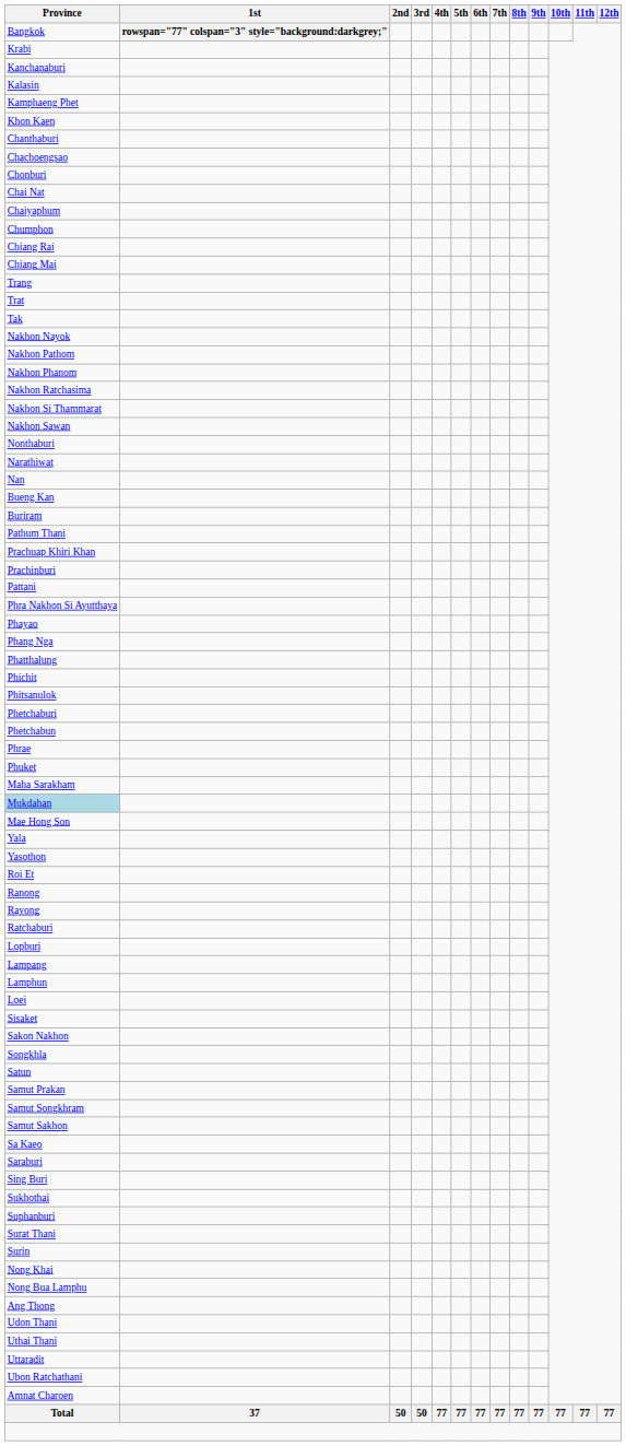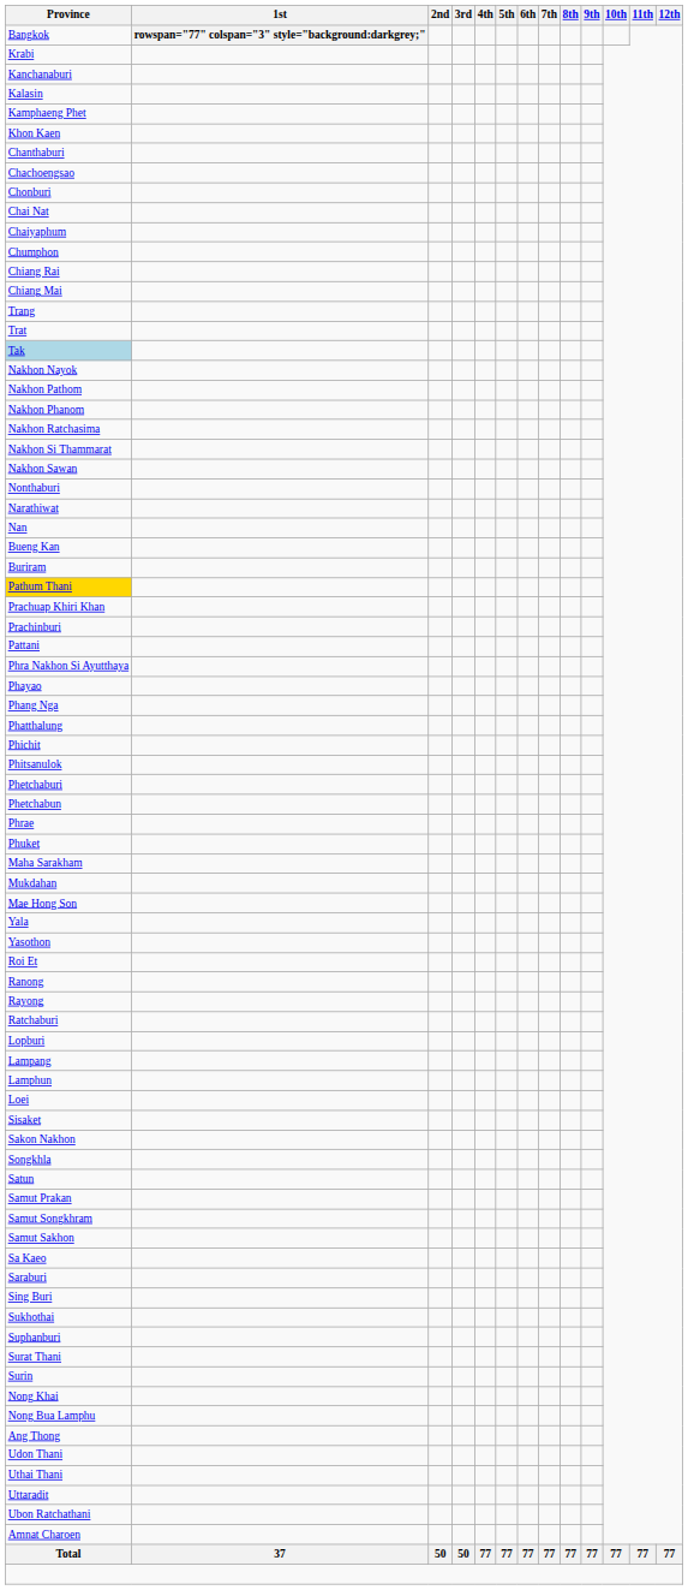 <table class="wikitable sortable" style="font-size: 75%;">
 <tr>
 <th>Province</th>
 <th>1st</th>
 <th>2nd</th>
 <th>3rd</th>
 <th>4th</th>
 <th>5th</th>
 <th>6th</th>
 <th>7th</th>
 <th><a href='#'>8th</a></th>
 <th><a href='#'>9th</a></th>
 <th><a href='#'>10th</a></th>
 <th><a href='#'>11th</a></th>
 <th><a href='#'>12th</a></th>
 </tr>
 <tr>
 <td><a href='#'>Bangkok</a></td>
 <th>rowspan="77" colspan="3" style="background:darkgrey;" </th>
 <td></td>
 <td></td>
 <td></td>
 <td></td>
 <td></td>
 <td></td>
 <td></td>
 <td></td>
 <td></td>
 </tr>
 <tr>
 <td><a href='#'>Krabi</a></td>
 <td></td>
 <td></td>
 <td></td>
 <td></td>
 <td></td>
 <td></td>
 <td></td>
 <td></td>
 <td></td>
 </tr>
 <tr>
 <td><a href='#'>Kanchanaburi</a></td>
 <td></td>
 <td></td>
 <td></td>
 <td></td>
 <td></td>
 <td></td>
 <td></td>
 <td></td>
 <td></td>
 </tr>
 <tr>
 <td><a href='#'>Kalasin</a></td>
 <td></td>
 <td></td>
 <td></td>
 <td></td>
 <td></td>
 <td></td>
 <td></td>
 <td></td>
 <td></td>
 </tr>
 <tr>
 <td><a href='#'>Kamphaeng Phet</a></td>
 <td></td>
 <td></td>
 <td></td>
 <td></td>
 <td></td>
 <td></td>
 <td></td>
 <td></td>
 <td></td>
 </tr>
 <tr>
 <td><a href='#'>Khon Kaen</a></td>
 <td></td>
 <td></td>
 <td></td>
 <td></td>
 <td></td>
 <td></td>
 <td></td>
 <td></td>
 <td></td>
 </tr>
 <tr>
 <td><a href='#'>Chanthaburi</a></td>
 <td></td>
 <td></td>
 <td></td>
 <td></td>
 <td></td>
 <td></td>
 <td></td>
 <td></td>
 <td></td>
 </tr>
 <tr>
 <td><a href='#'>Chachoengsao</a></td>
 <td></td>
 <td></td>
 <td></td>
 <td></td>
 <td></td>
 <td></td>
 <td></td>
 <td></td>
 <td></td>
 </tr>
 <tr>
 <td><a href='#'>Chonburi</a></td>
 <td></td>
 <td></td>
 <td></td>
 <td></td>
 <td></td>
 <td></td>
 <td></td>
 <td></td>
 <td></td>
 </tr>
 <tr>
 <td><a href='#'>Chai Nat</a></td>
 <td></td>
 <td></td>
 <td></td>
 <td></td>
 <td></td>
 <td></td>
 <td></td>
 <td></td>
 <td></td>
 </tr>
 <tr>
 <td><a href='#'>Chaiyaphum</a></td>
 <td></td>
 <td></td>
 <td></td>
 <td></td>
 <td></td>
 <td></td>
 <td></td>
 <td></td>
 <td></td>
 </tr>
 <tr>
 <td><a href='#'>Chumphon</a></td>
 <td></td>
 <td></td>
 <td></td>
 <td></td>
 <td></td>
 <td></td>
 <td></td>
 <td></td>
 <td></td>
 </tr>
 <tr>
 <td><a href='#'>Chiang Rai</a></td>
 <td></td>
 <td></td>
 <td></td>
 <td></td>
 <td></td>
 <td></td>
 <td></td>
 <td></td>
 <td></td>
 </tr>
 <tr>
 <td><a href='#'>Chiang Mai</a></td>
 <td></td>
 <td></td>
 <td></td>
 <td></td>
 <td></td>
 <td></td>
 <td></td>
 <td></td>
 <td></td>
 </tr>
 <tr>
 <td><a href='#'>Trang</a></td>
 <td></td>
 <td></td>
 <td></td>
 <td></td>
 <td></td>
 <td></td>
 <td></td>
 <td></td>
 <td></td>
 </tr>
 <tr>
 <td><a href='#'>Trat</a></td>
 <td></td>
 <td></td>
 <td></td>
 <td></td>
 <td></td>
 <td></td>
 <td></td>
 <td></td>
 <td></td>
 </tr>
 <tr>
-<td><a href='#'>Tak</a></td>
+<td style="background: lightblue;"><a href='#'>Tak</a></td>
 <td></td>
 <td></td>
 <td></td>
 <td></td>
 <td></td>
 <td></td>
 <td></td>
 <td></td>
 <td></td>
 </tr>
 <tr>
 <td><a href='#'>Nakhon Nayok</a></td>
 <td></td>
 <td></td>
 <td></td>
 <td></td>
 <td></td>
 <td></td>
 <td></td>
 <td></td>
 <td></td>
 </tr>
 <tr>
 <td><a href='#'>Nakhon Pathom</a></td>
 <td></td>
 <td></td>
 <td></td>
 <td></td>
 <td></td>
 <td></td>
 <td></td>
 <td></td>
 <td></td>
 </tr>
 <tr>
 <td><a href='#'>Nakhon Phanom</a></td>
 <td></td>
 <td></td>
 <td></td>
 <td></td>
 <td></td>
 <td></td>
 <td></td>
 <td></td>
 <td></td>
 </tr>
 <tr>
 <td><a href='#'>Nakhon Ratchasima</a></td>
 <td></td>
 <td></td>
 <td></td>
 <td></td>
 <td></td>
 <td></td>
 <td></td>
 <td></td>
 <td></td>
 </tr>
 <tr>
 <td><a href='#'>Nakhon Si Thammarat</a></td>
 <td></td>
 <td></td>
 <td></td>
 <td></td>
 <td></td>
 <td></td>
 <td></td>
 <td></td>
 <td></td>
 </tr>
 <tr>
 <td><a href='#'>Nakhon Sawan</a></td>
 <td></td>
 <td></td>
 <td></td>
 <td></td>
 <td></td>
 <td></td>
 <td></td>
 <td></td>
 <td></td>
 </tr>
 <tr>
 <td><a href='#'>Nonthaburi</a></td>
 <td></td>
 <td></td>
 <td></td>
 <td></td>
 <td></td>
 <td></td>
 <td></td>
 <td></td>
 <td></td>
 </tr>
 <tr>
 <td><a href='#'>Narathiwat</a></td>
 <td></td>
 <td></td>
 <td></td>
 <td></td>
 <td></td>
 <td></td>
 <td></td>
 <td></td>
 <td></td>
 </tr>
 <tr>
 <td><a href='#'>Nan</a></td>
 <td></td>
 <td></td>
 <td></td>
 <td></td>
 <td></td>
 <td></td>
 <td></td>
 <td></td>
 <td></td>
 </tr>
 <tr>
 <td><a href='#'>Bueng Kan</a></td>
 <td></td>
 <td></td>
 <td></td>
 <td></td>
 <td></td>
 <td></td>
 <td></td>
 <td></td>
 <td></td>
 </tr>
 <tr>
 <td><a href='#'>Buriram</a></td>
 <td></td>
 <td></td>
 <td></td>
 <td></td>
 <td></td>
 <td></td>
 <td></td>
 <td></td>
 <td></td>
 </tr>
 <tr>
-<td><a href='#'>Pathum Thani</a></td>
+<td style="background: gold;"><a href='#'>Pathum Thani</a></td>
 <td></td>
 <td></td>
 <td></td>
 <td></td>
 <td></td>
 <td></td>
 <td></td>
 <td></td>
 <td></td>
 </tr>
 <tr>
 <td><a href='#'>Prachuap Khiri Khan</a></td>
 <td></td>
 <td></td>
 <td></td>
 <td></td>
 <td></td>
 <td></td>
 <td></td>
 <td></td>
 <td></td>
 </tr>
 <tr>
 <td><a href='#'>Prachinburi</a></td>
 <td></td>
 <td></td>
 <td></td>
 <td></td>
 <td></td>
 <td></td>
 <td></td>
 <td></td>
 <td></td>
 </tr>
 <tr>
 <td><a href='#'>Pattani</a></td>
 <td></td>
 <td></td>
 <td></td>
 <td></td>
 <td></td>
 <td></td>
 <td></td>
 <td></td>
 <td></td>
 </tr>
 <tr>
 <td><a href='#'>Phra Nakhon Si Ayutthaya</a></td>
 <td></td>
 <td></td>
 <td></td>
 <td></td>
 <td></td>
 <td></td>
 <td></td>
 <td></td>
 <td></td>
 </tr>
 <tr>
 <td><a href='#'>Phayao</a></td>
 <td></td>
 <td></td>
 <td></td>
 <td></td>
 <td></td>
 <td></td>
 <td></td>
 <td></td>
 <td></td>
 </tr>
 <tr>
 <td><a href='#'>Phang Nga</a></td>
 <td></td>
 <td></td>
 <td></td>
 <td></td>
 <td></td>
 <td></td>
 <td></td>
 <td></td>
 <td></td>
 </tr>
 <tr>
 <td><a href='#'>Phatthalung</a></td>
 <td></td>
 <td></td>
 <td></td>
 <td></td>
 <td></td>
 <td></td>
 <td></td>
 <td></td>
 <td></td>
 </tr>
 <tr>
 <td><a href='#'>Phichit</a></td>
 <td></td>
 <td></td>
 <td></td>
 <td></td>
 <td></td>
 <td></td>
 <td></td>
 <td></td>
 <td></td>
 </tr>
 <tr>
 <td><a href='#'>Phitsanulok</a></td>
 <td></td>
 <td></td>
 <td></td>
 <td></td>
 <td></td>
 <td></td>
 <td></td>
 <td></td>
 <td></td>
 </tr>
 <tr>
 <td><a href='#'>Phetchaburi</a></td>
 <td></td>
 <td></td>
 <td></td>
 <td></td>
 <td></td>
 <td></td>
 <td></td>
 <td></td>
 <td></td>
 </tr>
 <tr>
 <td><a href='#'>Phetchabun</a></td>
 <td></td>
 <td></td>
 <td></td>
 <td></td>
 <td></td>
 <td></td>
 <td></td>
 <td></td>
 <td></td>
 </tr>
 <tr>
 <td><a href='#'>Phrae</a></td>
 <td></td>
 <td></td>
 <td></td>
 <td></td>
 <td></td>
 <td></td>
 <td></td>
 <td></td>
 <td></td>
 </tr>
 <tr>
 <td><a href='#'>Phuket</a></td>
 <td></td>
 <td></td>
 <td></td>
 <td></td>
 <td></td>
 <td></td>
 <td></td>
 <td></td>
 <td></td>
 </tr>
 <tr>
 <td><a href='#'>Maha Sarakham</a></td>
 <td></td>
 <td></td>
 <td></td>
 <td></td>
 <td></td>
 <td></td>
 <td></td>
 <td></td>
 <td></td>
 </tr>
 <tr>
-<td style="background: lightblue;"><a href='#'>Mukdahan</a></td>
+<td><a href='#'>Mukdahan</a></td>
 <td></td>
 <td></td>
 <td></td>
 <td></td>
 <td></td>
 <td></td>
 <td></td>
 <td></td>
 <td></td>
 </tr>
 <tr>
 <td><a href='#'>Mae Hong Son</a></td>
 <td></td>
 <td></td>
 <td></td>
 <td></td>
 <td></td>
 <td></td>
 <td></td>
 <td></td>
 <td></td>
 </tr>
 <tr>
 <td><a href='#'>Yala</a></td>
 <td></td>
 <td></td>
 <td></td>
 <td></td>
 <td></td>
 <td></td>
 <td></td>
 <td></td>
 <td></td>
 </tr>
 <tr>
 <td><a href='#'>Yasothon</a></td>
 <td></td>
 <td></td>
 <td></td>
 <td></td>
 <td></td>
 <td></td>
 <td></td>
 <td></td>
 <td></td>
 </tr>
 <tr>
 <td><a href='#'>Roi Et</a></td>
 <td></td>
 <td></td>
 <td></td>
 <td></td>
 <td></td>
 <td></td>
 <td></td>
 <td></td>
 <td></td>
 </tr>
 <tr>
 <td><a href='#'>Ranong</a></td>
 <td></td>
 <td></td>
 <td></td>
 <td></td>
 <td></td>
 <td></td>
 <td></td>
 <td></td>
 <td></td>
 </tr>
 <tr>
 <td><a href='#'>Rayong</a></td>
 <td></td>
 <td></td>
 <td></td>
 <td></td>
 <td></td>
 <td></td>
 <td></td>
 <td></td>
 <td></td>
 </tr>
 <tr>
 <td><a href='#'>Ratchaburi</a></td>
 <td></td>
 <td></td>
 <td></td>
 <td></td>
 <td></td>
 <td></td>
 <td></td>
 <td></td>
 <td></td>
 </tr>
 <tr>
 <td><a href='#'>Lopburi</a></td>
 <td></td>
 <td></td>
 <td></td>
 <td></td>
 <td></td>
 <td></td>
 <td></td>
 <td></td>
 <td></td>
 </tr>
 <tr>
 <td><a href='#'>Lampang</a></td>
 <td></td>
 <td></td>
 <td></td>
 <td></td>
 <td></td>
 <td></td>
 <td></td>
 <td></td>
 <td></td>
 </tr>
 <tr>
 <td><a href='#'>Lamphun</a></td>
 <td></td>
 <td></td>
 <td></td>
 <td></td>
 <td></td>
 <td></td>
 <td></td>
 <td></td>
 <td></td>
 </tr>
 <tr>
 <td><a href='#'>Loei</a></td>
 <td></td>
 <td></td>
 <td></td>
 <td></td>
 <td></td>
 <td></td>
 <td></td>
 <td></td>
 <td></td>
 </tr>
 <tr>
 <td><a href='#'>Sisaket</a></td>
 <td></td>
 <td></td>
 <td></td>
 <td></td>
 <td></td>
 <td></td>
 <td></td>
 <td></td>
 <td></td>
 </tr>
 <tr>
 <td><a href='#'>Sakon Nakhon</a></td>
 <td></td>
 <td></td>
 <td></td>
 <td></td>
 <td></td>
 <td></td>
 <td></td>
 <td></td>
 <td></td>
 </tr>
 <tr>
 <td><a href='#'>Songkhla</a></td>
 <td></td>
 <td></td>
 <td></td>
 <td></td>
 <td></td>
 <td></td>
 <td></td>
 <td></td>
 <td></td>
 </tr>
 <tr>
 <td><a href='#'>Satun</a></td>
 <td></td>
 <td></td>
 <td></td>
 <td></td>
 <td></td>
 <td></td>
 <td></td>
 <td></td>
 <td></td>
 </tr>
 <tr>
 <td><a href='#'>Samut Prakan</a></td>
 <td></td>
 <td></td>
 <td></td>
 <td></td>
 <td></td>
 <td></td>
 <td></td>
 <td></td>
 <td></td>
 </tr>
 <tr>
 <td><a href='#'>Samut Songkhram</a></td>
 <td></td>
 <td></td>
 <td></td>
 <td></td>
 <td></td>
 <td></td>
 <td></td>
 <td></td>
 <td></td>
 </tr>
 <tr>
 <td><a href='#'>Samut Sakhon</a></td>
 <td></td>
 <td></td>
 <td></td>
 <td></td>
 <td></td>
 <td></td>
 <td></td>
 <td></td>
 <td></td>
 </tr>
 <tr>
 <td><a href='#'>Sa Kaeo</a></td>
 <td></td>
 <td></td>
 <td></td>
 <td></td>
 <td></td>
 <td></td>
 <td></td>
 <td></td>
 <td></td>
 </tr>
 <tr>
 <td><a href='#'>Saraburi</a></td>
 <td></td>
 <td></td>
 <td></td>
 <td></td>
 <td></td>
 <td></td>
 <td></td>
 <td></td>
 <td></td>
 </tr>
 <tr>
 <td><a href='#'>Sing Buri</a></td>
 <td></td>
 <td></td>
 <td></td>
 <td></td>
 <td></td>
 <td></td>
 <td></td>
 <td></td>
 <td></td>
 </tr>
 <tr>
 <td><a href='#'>Sukhothai</a></td>
 <td></td>
 <td></td>
 <td></td>
 <td></td>
 <td></td>
 <td></td>
 <td></td>
 <td></td>
 <td></td>
 </tr>
 <tr>
 <td><a href='#'>Suphanburi</a></td>
 <td></td>
 <td></td>
 <td></td>
 <td></td>
 <td></td>
 <td></td>
 <td></td>
 <td></td>
 <td></td>
 </tr>
 <tr>
 <td><a href='#'>Surat Thani</a></td>
 <td></td>
 <td></td>
 <td></td>
 <td></td>
 <td></td>
 <td></td>
 <td></td>
 <td></td>
 <td></td>
 </tr>
 <tr>
 <td><a href='#'>Surin</a></td>
 <td></td>
 <td></td>
 <td></td>
 <td></td>
 <td></td>
 <td></td>
 <td></td>
 <td></td>
 <td></td>
 </tr>
 <tr>
 <td><a href='#'>Nong Khai</a></td>
 <td></td>
 <td></td>
 <td></td>
 <td></td>
 <td></td>
 <td></td>
 <td></td>
 <td></td>
 <td></td>
 </tr>
 <tr>
 <td><a href='#'>Nong Bua Lamphu</a></td>
 <td></td>
 <td></td>
 <td></td>
 <td></td>
 <td></td>
 <td></td>
 <td></td>
 <td></td>
 <td></td>
 </tr>
 <tr>
 <td><a href='#'>Ang Thong</a></td>
 <td></td>
 <td></td>
 <td></td>
 <td></td>
 <td></td>
 <td></td>
 <td></td>
 <td></td>
 <td></td>
 </tr>
 <tr>
 <td><a href='#'>Udon Thani</a></td>
 <td></td>
 <td></td>
 <td></td>
 <td></td>
 <td></td>
 <td></td>
 <td></td>
 <td></td>
 <td></td>
 </tr>
 <tr>
 <td><a href='#'>Uthai Thani</a></td>
 <td></td>
 <td></td>
 <td></td>
 <td></td>
 <td></td>
 <td></td>
 <td></td>
 <td></td>
 <td></td>
 </tr>
 <tr>
 <td><a href='#'>Uttaradit</a></td>
 <td></td>
 <td></td>
 <td></td>
 <td></td>
 <td></td>
 <td></td>
 <td></td>
 <td></td>
 <td></td>
 </tr>
 <tr>
 <td><a href='#'>Ubon Ratchathani</a></td>
 <td></td>
 <td></td>
 <td></td>
 <td></td>
 <td></td>
 <td></td>
 <td></td>
 <td></td>
 <td></td>
 </tr>
 <tr>
 <td><a href='#'>Amnat Charoen</a></td>
 <td></td>
 <td></td>
 <td></td>
 <td></td>
 <td></td>
 <td></td>
 <td></td>
 <td></td>
 <td></td>
 </tr>
 <tr>
 <th>Total</th>
 <th>37</th>
 <th>50</th>
 <th>50</th>
 <th>77</th>
 <th>77</th>
 <th>77</th>
 <th>77</th>
 <th>77</th>
 <th>77</th>
 <th>77</th>
 <th>77</th>
 <th>77</th>
 </tr>
 <tr>
 <td colspan="15" align=left><br></td>
 </tr>
 </table>
